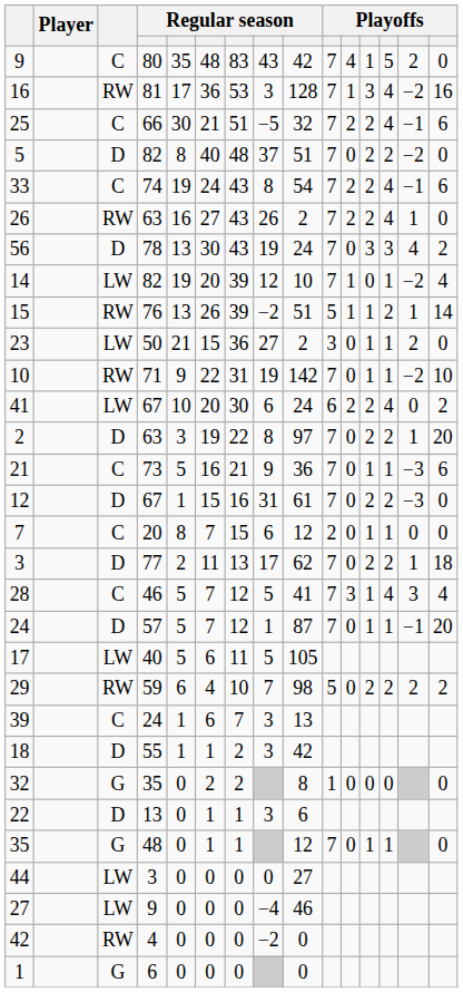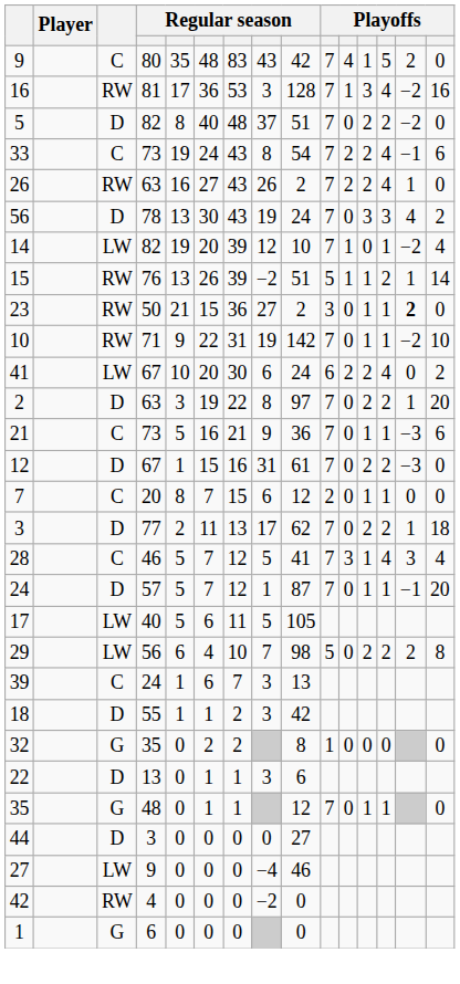 <table class="wikitable sortable plainrowheaders" style="text-align:center;">
 <tr>
 <th scope="col" data-sort-type="number" rowspan="2"></th>
 <th scope="col" rowspan="2">Player</th>
 <th scope="col" rowspan="2"></th>
 <th scope=colgroup colspan=6>Regular season</th>
 <th scope=colgroup colspan=6>Playoffs</th>
 </tr>
 <tr>
 <th scope="col" data-sort-type="number"></th>
 <th scope="col" data-sort-type="number"></th>
 <th scope="col" data-sort-type="number"></th>
 <th scope="col" data-sort-type="number"></th>
 <th scope="col" data-sort-type="number"></th>
 <th scope="col" data-sort-type="number"></th>
 <th scope="col" data-sort-type="number"></th>
 <th scope="col" data-sort-type="number"></th>
 <th scope="col" data-sort-type="number"></th>
 <th scope="col" data-sort-type="number"></th>
 <th scope="col" data-sort-type="number"></th>
 <th scope="col" data-sort-type="number"></th>
 </tr>
 <tr>
 <td scope="row">9</td>
 <td align="left"></td>
 <td>C</td>
 <td>80</td>
 <td>35</td>
 <td>48</td>
 <td>83</td>
 <td>43</td>
 <td>42</td>
 <td>7</td>
 <td>4</td>
 <td>1</td>
 <td>5</td>
 <td>2</td>
 <td>0</td>
 </tr>
 <tr>
 <td scope="row">16</td>
 <td align="left"></td>
 <td>RW</td>
 <td>81</td>
 <td>17</td>
 <td>36</td>
 <td>53</td>
 <td>3</td>
 <td>128</td>
 <td>7</td>
 <td>1</td>
 <td>3</td>
 <td>4</td>
 <td>−2</td>
 <td>16</td>
 </tr>
 <tr>
-<td scope="row">25</td>
-<td align="left"></td>
-<td>C</td>
-<td>66</td>
-<td>30</td>
-<td>21</td>
-<td>51</td>
-<td>−5</td>
-<td>32</td>
-<td>7</td>
-<td>2</td>
-<td>2</td>
-<td>4</td>
-<td>−1</td>
-<td>6</td>
-</tr>
-<tr>
 <td scope="row">5</td>
 <td align="left"></td>
 <td>D</td>
 <td>82</td>
 <td>8</td>
 <td>40</td>
 <td>48</td>
 <td>37</td>
 <td>51</td>
 <td>7</td>
 <td>0</td>
 <td>2</td>
 <td>2</td>
 <td>−2</td>
 <td>0</td>
 </tr>
 <tr>
 <td scope="row">33</td>
 <td align="left"></td>
 <td>C</td>
-<td>74</td>
+<td>73</td>
 <td>19</td>
 <td>24</td>
 <td>43</td>
 <td>8</td>
 <td>54</td>
 <td>7</td>
 <td>2</td>
 <td>2</td>
 <td>4</td>
 <td>−1</td>
 <td>6</td>
 </tr>
 <tr>
 <td scope="row">26</td>
 <td align="left"></td>
 <td>RW</td>
 <td>63</td>
 <td>16</td>
 <td>27</td>
 <td>43</td>
 <td>26</td>
 <td>2</td>
 <td>7</td>
 <td>2</td>
 <td>2</td>
 <td>4</td>
 <td>1</td>
 <td>0</td>
 </tr>
 <tr>
 <td scope="row">56</td>
 <td align="left"></td>
 <td>D</td>
 <td>78</td>
 <td>13</td>
 <td>30</td>
 <td>43</td>
 <td>19</td>
 <td>24</td>
 <td>7</td>
 <td>0</td>
 <td>3</td>
 <td>3</td>
 <td>4</td>
 <td>2</td>
 </tr>
 <tr>
 <td scope="row">14</td>
 <td align="left"></td>
 <td>LW</td>
 <td>82</td>
 <td>19</td>
 <td>20</td>
 <td>39</td>
 <td>12</td>
 <td>10</td>
 <td>7</td>
 <td>1</td>
 <td>0</td>
 <td>1</td>
 <td>−2</td>
 <td>4</td>
 </tr>
 <tr>
 <td scope="row">15</td>
 <td align="left"></td>
 <td>RW</td>
 <td>76</td>
 <td>13</td>
 <td>26</td>
 <td>39</td>
 <td>−2</td>
 <td>51</td>
 <td>5</td>
 <td>1</td>
 <td>1</td>
 <td>2</td>
 <td>1</td>
 <td>14</td>
 </tr>
 <tr>
 <td scope="row">23</td>
 <td align="left"></td>
-<td>LW</td>
+<td>RW</td>
 <td>50</td>
 <td>21</td>
 <td>15</td>
 <td>36</td>
 <td>27</td>
 <td>2</td>
 <td>3</td>
 <td>0</td>
 <td>1</td>
 <td>1</td>
-<td>2</td>
+<td><strong>2</strong></td>
 <td>0</td>
 </tr>
 <tr>
 <td scope="row">10</td>
 <td align="left"></td>
 <td>RW</td>
 <td>71</td>
 <td>9</td>
 <td>22</td>
 <td>31</td>
 <td>19</td>
 <td>142</td>
 <td>7</td>
 <td>0</td>
 <td>1</td>
 <td>1</td>
 <td>−2</td>
 <td>10</td>
 </tr>
 <tr>
 <td scope="row">41</td>
 <td align="left"></td>
 <td>LW</td>
 <td>67</td>
 <td>10</td>
 <td>20</td>
 <td>30</td>
 <td>6</td>
 <td>24</td>
 <td>6</td>
 <td>2</td>
 <td>2</td>
 <td>4</td>
 <td>0</td>
 <td>2</td>
 </tr>
 <tr>
 <td scope="row">2</td>
 <td align="left"></td>
 <td>D</td>
 <td>63</td>
 <td>3</td>
 <td>19</td>
 <td>22</td>
 <td>8</td>
 <td>97</td>
 <td>7</td>
 <td>0</td>
 <td>2</td>
 <td>2</td>
 <td>1</td>
 <td>20</td>
 </tr>
 <tr>
 <td scope="row">21</td>
 <td align="left"></td>
 <td>C</td>
 <td>73</td>
 <td>5</td>
 <td>16</td>
 <td>21</td>
 <td>9</td>
 <td>36</td>
 <td>7</td>
 <td>0</td>
 <td>1</td>
 <td>1</td>
 <td>−3</td>
 <td>6</td>
 </tr>
 <tr>
 <td scope="row">12</td>
 <td align="left"></td>
 <td>D</td>
 <td>67</td>
 <td>1</td>
 <td>15</td>
 <td>16</td>
 <td>31</td>
 <td>61</td>
 <td>7</td>
 <td>0</td>
 <td>2</td>
 <td>2</td>
 <td>−3</td>
 <td>0</td>
 </tr>
 <tr>
 <td scope="row">7</td>
 <td align="left"></td>
 <td>C</td>
 <td>20</td>
 <td>8</td>
 <td>7</td>
 <td>15</td>
 <td>6</td>
 <td>12</td>
 <td>2</td>
 <td>0</td>
 <td>1</td>
 <td>1</td>
 <td>0</td>
 <td>0</td>
 </tr>
 <tr>
 <td scope="row">3</td>
 <td align="left"></td>
 <td>D</td>
 <td>77</td>
 <td>2</td>
 <td>11</td>
 <td>13</td>
 <td>17</td>
 <td>62</td>
 <td>7</td>
 <td>0</td>
 <td>2</td>
 <td>2</td>
 <td>1</td>
 <td>18</td>
 </tr>
 <tr>
 <td scope="row">28</td>
 <td align="left"></td>
 <td>C</td>
 <td>46</td>
 <td>5</td>
 <td>7</td>
 <td>12</td>
 <td>5</td>
 <td>41</td>
 <td>7</td>
 <td>3</td>
 <td>1</td>
 <td>4</td>
 <td>3</td>
 <td>4</td>
 </tr>
 <tr>
 <td scope="row">24</td>
 <td align="left"></td>
 <td>D</td>
 <td>57</td>
 <td>5</td>
 <td>7</td>
 <td>12</td>
 <td>1</td>
 <td>87</td>
 <td>7</td>
 <td>0</td>
 <td>1</td>
 <td>1</td>
 <td>−1</td>
 <td>20</td>
 </tr>
 <tr>
 <td scope="row">17</td>
 <td align="left"></td>
 <td>LW</td>
 <td>40</td>
 <td>5</td>
 <td>6</td>
 <td>11</td>
 <td>5</td>
 <td>105</td>
 <td></td>
 <td></td>
 <td></td>
 <td></td>
 <td></td>
 <td></td>
 </tr>
 <tr>
 <td scope="row">29</td>
 <td align="left"></td>
-<td>RW</td>
-<td>59</td>
+<td>LW</td>
+<td>56</td>
 <td>6</td>
 <td>4</td>
 <td>10</td>
 <td>7</td>
 <td>98</td>
 <td>5</td>
 <td>0</td>
 <td>2</td>
 <td>2</td>
 <td>2</td>
-<td>2</td>
+<td>8</td>
 </tr>
 <tr>
 <td scope="row">39</td>
 <td align="left"></td>
 <td>C</td>
 <td>24</td>
 <td>1</td>
 <td>6</td>
 <td>7</td>
 <td>3</td>
 <td>13</td>
 <td></td>
 <td></td>
 <td></td>
 <td></td>
 <td></td>
 <td></td>
 </tr>
 <tr>
 <td scope="row">18</td>
 <td align="left"></td>
 <td>D</td>
 <td>55</td>
 <td>1</td>
 <td>1</td>
 <td>2</td>
 <td>3</td>
 <td>42</td>
 <td></td>
 <td></td>
 <td></td>
 <td></td>
 <td></td>
 <td></td>
 </tr>
 <tr>
 <td scope="row">32</td>
 <td align="left"></td>
 <td>G</td>
 <td>35</td>
 <td>0</td>
 <td>2</td>
 <td>2</td>
 <td style="background:#ccc"></td>
 <td>8</td>
 <td>1</td>
 <td>0</td>
 <td>0</td>
 <td>0</td>
 <td style="background:#ccc"></td>
 <td>0</td>
 </tr>
 <tr>
 <td scope="row">22</td>
 <td align="left"></td>
 <td>D</td>
 <td>13</td>
 <td>0</td>
 <td>1</td>
 <td>1</td>
 <td>3</td>
 <td>6</td>
 <td></td>
 <td></td>
 <td></td>
 <td></td>
 <td></td>
 <td></td>
 </tr>
 <tr>
 <td scope="row">35</td>
 <td align="left"></td>
 <td>G</td>
 <td>48</td>
 <td>0</td>
 <td>1</td>
 <td>1</td>
 <td style="background:#ccc"></td>
 <td>12</td>
 <td>7</td>
 <td>0</td>
 <td>1</td>
 <td>1</td>
 <td style="background:#ccc"></td>
 <td>0</td>
 </tr>
 <tr>
 <td scope="row">44</td>
 <td align="left"></td>
-<td>LW</td>
+<td>D</td>
 <td>3</td>
 <td>0</td>
 <td>0</td>
 <td>0</td>
 <td>0</td>
 <td>27</td>
 <td></td>
 <td></td>
 <td></td>
 <td></td>
 <td></td>
 <td></td>
 </tr>
 <tr>
 <td scope="row">27</td>
 <td align="left"></td>
 <td>LW</td>
 <td>9</td>
 <td>0</td>
 <td>0</td>
 <td>0</td>
 <td>−4</td>
 <td>46</td>
 <td></td>
 <td></td>
 <td></td>
 <td></td>
 <td></td>
 <td></td>
 </tr>
 <tr>
 <td scope="row">42</td>
 <td align="left"></td>
 <td>RW</td>
 <td>4</td>
 <td>0</td>
 <td>0</td>
 <td>0</td>
 <td>−2</td>
 <td>0</td>
 <td></td>
 <td></td>
 <td></td>
 <td></td>
 <td></td>
 <td></td>
 </tr>
 <tr>
 <td scope="row">1</td>
 <td align="left"></td>
 <td>G</td>
 <td>6</td>
 <td>0</td>
 <td>0</td>
 <td>0</td>
 <td style="background:#ccc"></td>
 <td>0</td>
 <td></td>
 <td></td>
 <td></td>
 <td></td>
 <td></td>
 <td></td>
 </tr>
 </table>
